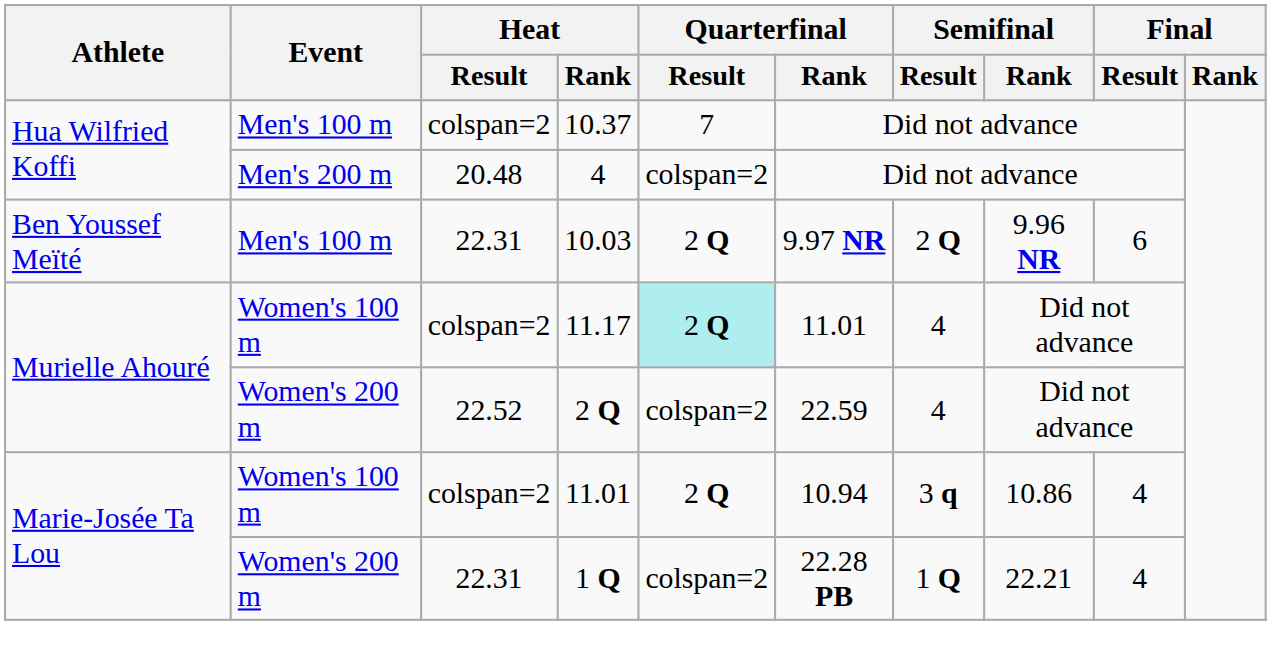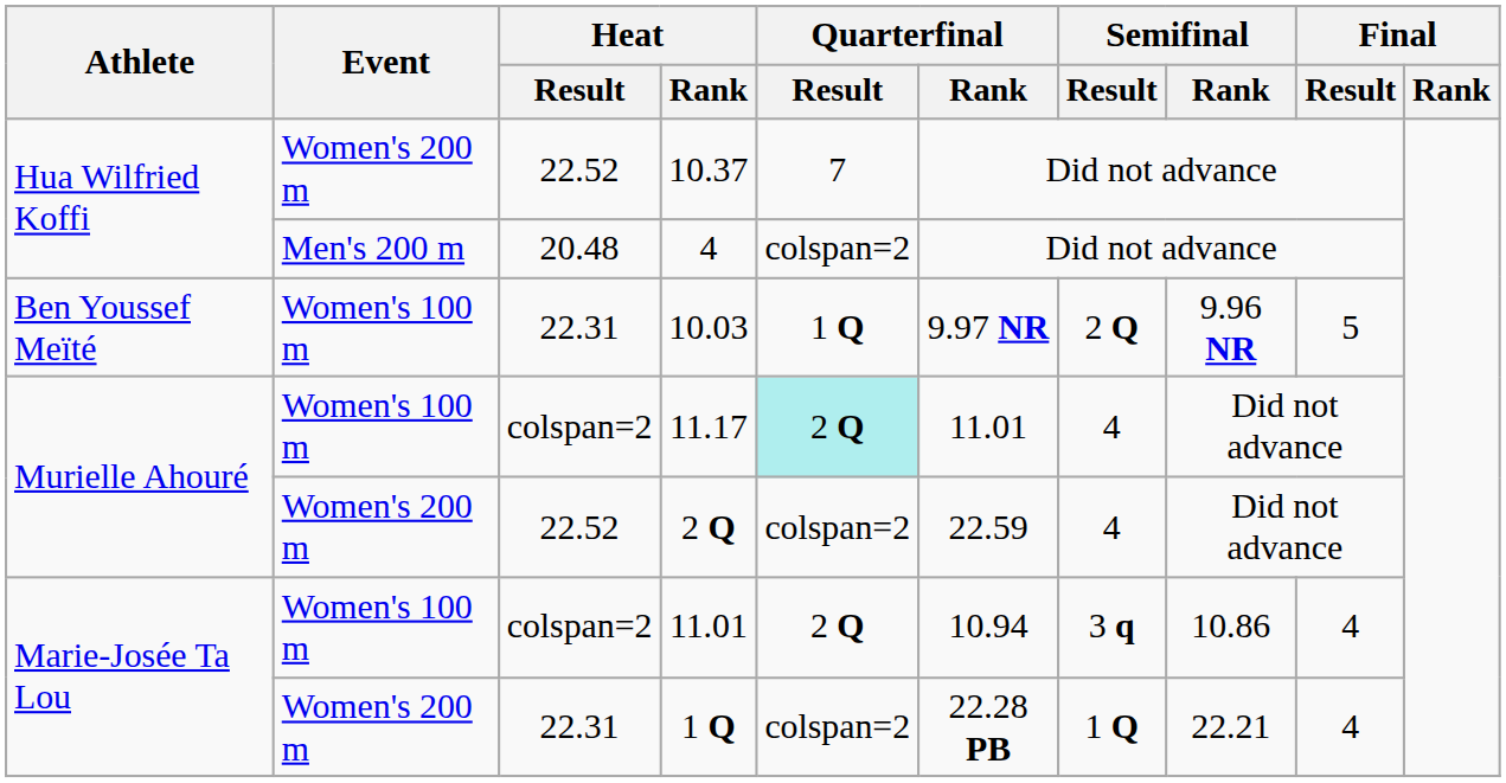 <table class="wikitable" style="font-size:90%">
 <tr>
 <th rowspan="2">Athlete</th>
 <th rowspan="2">Event</th>
 <th colspan="2">Heat</th>
 <th colspan="2">Quarterfinal</th>
 <th colspan="2">Semifinal</th>
 <th colspan="2">Final</th>
 </tr>
 <tr style="font-size:95%">
 <th>Result</th>
 <th>Rank</th>
 <th>Result</th>
 <th>Rank</th>
 <th>Result</th>
 <th>Rank</th>
 <th>Result</th>
 <th>Rank</th>
 </tr>
 <tr align=center>
 <td align=left rowspan=2><a href='#'>Hua Wilfried Koffi</a></td>
-<td align=left><a href='#'>Men's 100 m</a></td>
-<td>colspan=2 </td>
+<td align=left><a href='#'>Women's 200 m</a></td>
+<td>22.52</td>
 <td>10.37</td>
 <td>7</td>
 <td colspan=4>Did not advance</td>
 </tr>
 <tr align=center>
 <td align=left><a href='#'>Men's 200 m</a></td>
 <td>20.48</td>
 <td>4</td>
 <td>colspan=2 </td>
 <td colspan=4>Did not advance</td>
 </tr>
 <tr align=center>
 <td align=left><a href='#'>Ben Youssef Meïté</a></td>
-<td align=left><a href='#'>Men's 100 m</a></td>
+<td align=left><a href='#'>Women's 100 m</a></td>
 <td>22.31</td>
 <td>10.03</td>
-<td>2 <strong>Q</strong></td>
+<td>1 <strong>Q</strong></td>
 <td>9.97 <strong><a href='#'>NR</a></strong></td>
 <td>2 <strong>Q</strong></td>
 <td>9.96 <strong><a href='#'>NR</a></strong></td>
-<td>6</td>
+<td>5</td>
 </tr>
 <tr align=center>
 <td align=left rowspan=2><a href='#'>Murielle Ahouré</a></td>
 <td align=left><a href='#'>Women's 100 m</a></td>
 <td>colspan=2 </td>
 <td>11.17</td>
 <td style="background: paleturquoise;">2 <strong>Q</strong></td>
 <td>11.01</td>
 <td>4</td>
 <td colspan=2>Did not advance</td>
 </tr>
 <tr align=center>
 <td align=left><a href='#'>Women's 200 m</a></td>
 <td>22.52</td>
 <td>2 <strong>Q</strong></td>
 <td>colspan=2 </td>
 <td>22.59</td>
 <td>4</td>
 <td colspan=2>Did not advance</td>
 </tr>
 <tr align=center>
 <td align=left rowspan=2><a href='#'>Marie-Josée Ta Lou</a></td>
 <td align=left><a href='#'>Women's 100 m</a></td>
 <td>colspan=2 </td>
 <td>11.01</td>
 <td>2 <strong>Q</strong></td>
 <td>10.94</td>
 <td>3 <strong>q</strong></td>
 <td>10.86</td>
 <td>4</td>
 </tr>
 <tr align=center>
 <td align=left><a href='#'>Women's 200 m</a></td>
 <td>22.31</td>
 <td>1 <strong>Q</strong></td>
 <td>colspan=2 </td>
 <td>22.28 <strong>PB</strong></td>
 <td>1 <strong>Q</strong></td>
 <td>22.21</td>
 <td>4</td>
 </tr>
 </table>
